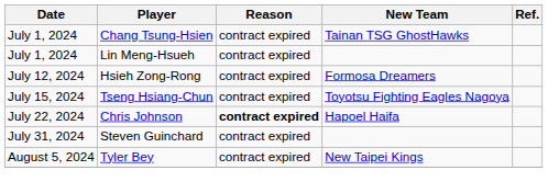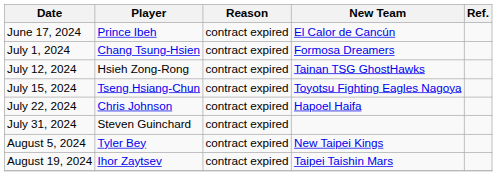 <table class="wikitable">
 <tr>
 <th>Date</th>
 <th>Player</th>
 <th>Reason</th>
 <th>New Team</th>
 <th>Ref.</th>
 </tr>
 <tr>
-<td>July 1, 2024</td>
-<td><a href='#'>Chang Tsung-Hsien</a></td>
+<td>June 17, 2024</td>
+<td><a href='#'>Prince Ibeh</a></td>
 <td>contract expired</td>
-<td><a href='#'>Tainan TSG GhostHawks</a></td>
+<td><a href='#'>El Calor de Cancún</a></td>
 <td></td>
 </tr>
 <tr>
 <td>July 1, 2024</td>
-<td>Lin Meng-Hsueh</td>
+<td><a href='#'>Chang Tsung-Hsien</a></td>
 <td>contract expired</td>
-<td></td>
+<td><a href='#'>Formosa Dreamers</a></td>
 <td></td>
 </tr>
 <tr>
 <td>July 12, 2024</td>
 <td>Hsieh Zong-Rong</td>
 <td>contract expired</td>
-<td><a href='#'>Formosa Dreamers</a></td>
+<td><a href='#'>Tainan TSG GhostHawks</a></td>
 <td></td>
 </tr>
 <tr>
 <td>July 15, 2024</td>
 <td><a href='#'>Tseng Hsiang-Chun</a></td>
 <td>contract expired</td>
 <td><a href='#'>Toyotsu Fighting Eagles Nagoya</a></td>
 <td></td>
 </tr>
 <tr>
 <td>July 22, 2024</td>
 <td><a href='#'>Chris Johnson</a></td>
-<td><strong>contract expired</strong></td>
+<td>contract expired</td>
 <td><a href='#'>Hapoel Haifa</a></td>
 <td></td>
 </tr>
 <tr>
 <td>July 31, 2024</td>
 <td>Steven Guinchard</td>
 <td>contract expired</td>
 <td></td>
 <td></td>
 </tr>
 <tr>
 <td>August 5, 2024</td>
 <td><a href='#'>Tyler Bey</a></td>
 <td>contract expired</td>
 <td><a href='#'>New Taipei Kings</a></td>
 <td></td>
 </tr>
 <tr>
+<td>August 19, 2024</td>
+<td><a href='#'>Ihor Zaytsev</a></td>
+<td>contract expired</td>
+<td><a href='#'>Taipei Taishin Mars</a></td>
+<td></td>
+</tr>
+<tr>
 </tr>
 </table>
